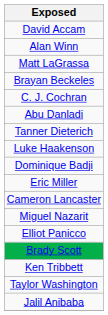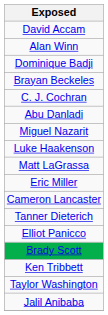 <table class="wikitable" style="text-align:center">
 <tr>
 <th>Exposed</th>
 </tr>
 <tr>
 <td><a href='#'>David Accam</a></td>
 </tr>
 <tr>
 <td><a href='#'>Alan Winn</a></td>
 </tr>
 <tr>
-<td><a href='#'>Matt LaGrassa</a></td>
+<td><a href='#'>Dominique Badji</a></td>
 </tr>
 <tr>
 <td><a href='#'>Brayan Beckeles</a></td>
 </tr>
 <tr>
 <td><a href='#'>C. J. Cochran</a></td>
 </tr>
 <tr>
 <td><a href='#'>Abu Danladi</a></td>
 </tr>
 <tr>
-<td><a href='#'>Tanner Dieterich</a></td>
+<td><a href='#'>Miguel Nazarit</a></td>
 </tr>
 <tr>
 <td><a href='#'>Luke Haakenson</a></td>
 </tr>
 <tr>
-<td><a href='#'>Dominique Badji</a></td>
+<td><a href='#'>Matt LaGrassa</a></td>
 </tr>
 <tr>
 <td><a href='#'>Eric Miller</a></td>
 </tr>
 <tr>
 <td><a href='#'>Cameron Lancaster</a></td>
 </tr>
 <tr>
-<td><a href='#'>Miguel Nazarit</a></td>
+<td><a href='#'>Tanner Dieterich</a></td>
 </tr>
 <tr>
 <td><a href='#'>Elliot Panicco</a></td>
 </tr>
 <tr>
 <td style="background: #03AF4B"><a href='#'>Brady Scott</a></td>
 </tr>
 <tr>
 <td><a href='#'>Ken Tribbett</a></td>
 </tr>
 <tr>
 <td><a href='#'>Taylor Washington</a></td>
 </tr>
 <tr>
 <td><a href='#'>Jalil Anibaba</a></td>
 </tr>
 <tr>
 </tr>
 </table>
